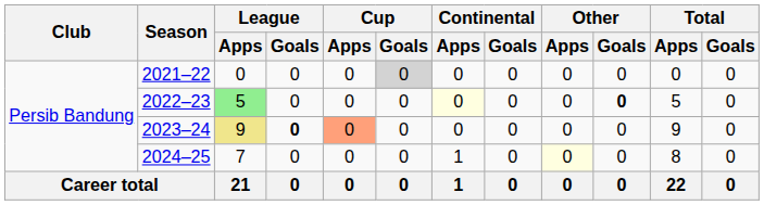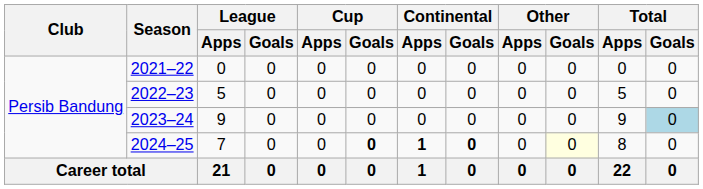 <table class="wikitable" style="text-align: center">
 <tr>
 <th rowspan="2">Club</th>
 <th rowspan="2">Season</th>
 <th colspan="2">League</th>
 <th colspan="2">Cup</th>
 <th colspan="2">Continental</th>
 <th colspan="2">Other</th>
 <th colspan="2">Total</th>
 </tr>
 <tr>
 <th>Apps</th>
 <th>Goals</th>
 <th>Apps</th>
 <th>Goals</th>
 <th>Apps</th>
 <th>Goals</th>
 <th>Apps</th>
 <th>Goals</th>
 <th>Apps</th>
 <th>Goals</th>
 </tr>
 <tr>
 <td rowspan="4"><a href='#'>Persib Bandung</a></td>
 <td><a href='#'>2021–22</a></td>
 <td>0</td>
 <td>0</td>
 <td>0</td>
-<td style="background: lightgrey;">0</td>
+<td>0</td>
 <td>0</td>
 <td>0</td>
 <td>0</td>
 <td>0</td>
 <td>0</td>
 <td>0</td>
 </tr>
 <tr>
 <td><a href='#'>2022–23</a></td>
-<td style="background: lightgreen;">5</td>
+<td>5</td>
 <td>0</td>
 <td>0</td>
 <td>0</td>
-<td style="background: lightyellow;">0</td>
 <td>0</td>
 <td>0</td>
-<td><strong>0</strong></td>
+<td>0</td>
+<td>0</td>
 <td>5</td>
 <td>0</td>
 </tr>
 <tr>
 <td><a href='#'>2023–24</a></td>
-<td style="background: khaki;">9</td>
-<td><strong>0</strong></td>
-<td style="background: lightsalmon;">0</td>
+<td>9</td>
+<td>0</td>
+<td>0</td>
 <td>0</td>
 <td>0</td>
 <td>0</td>
 <td>0</td>
 <td>0</td>
 <td>9</td>
-<td>0</td>
+<td style="background: lightblue;">0</td>
 </tr>
 <tr>
 <td><a href='#'>2024–25</a></td>
 <td>7</td>
 <td>0</td>
 <td>0</td>
-<td>0</td>
-<td>1</td>
+<td><strong>0</strong></td>
+<td><strong>1</strong></td>
+<td><strong>0</strong></td>
 <td>0</td>
 <td style="background: lightyellow;">0</td>
-<td>0</td>
 <td>8</td>
 <td>0</td>
 </tr>
 <tr>
 <th colspan=2>Career total</th>
 <th>21</th>
 <th>0</th>
 <th>0</th>
 <th>0</th>
 <th>1</th>
 <th>0</th>
 <th>0</th>
 <th>0</th>
 <th>22</th>
 <th>0</th>
 </tr>
 </table>
